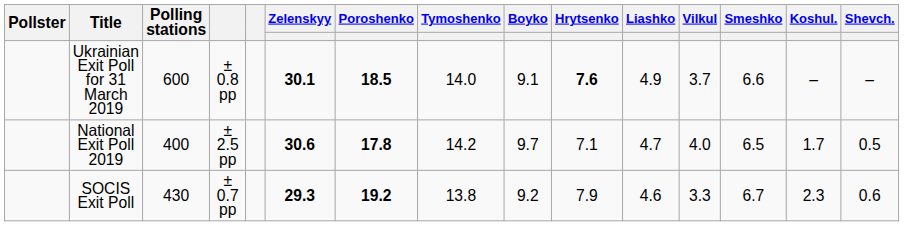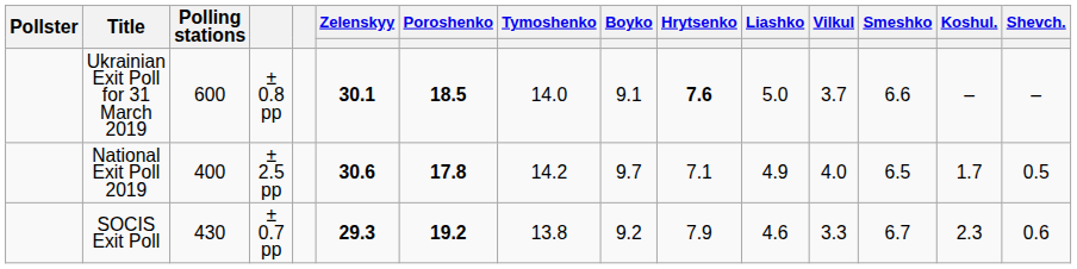 <table class="wikitable" style="text-align:center;font-size:95%;line-height:14px;">
 <tr>
 <th rowspan="2">Pollster</th>
 <th rowspan="2">Title</th>
 <th rowspan="2">Polling stations</th>
 <th rowspan="2" style="width:60px;" class="unsortable"></th>
 <th rowspan="2" style="width:65px;" class="unsortable"></th>
 <th><small><a href='#'>Zelenskyy</a></small><br></th>
 <th> <small><a href='#'>Poroshenko</a></small><br></th>
 <th><small><a href='#'>Tymoshenko</a></small><br></th>
 <th> <small><a href='#'>Boyko</a></small><br></th>
 <th><small><a href='#'>Hrytsenko</a></small><br></th>
 <th><small><a href='#'>Liashko</a></small><br></th>
 <th><small><a href='#'>Vilkul</a></small><br></th>
 <th><small><a href='#'>Smeshko</a></small><br></th>
 <th><small><a href='#'>Koshul.</a></small><br></th>
 <th><small><a href='#'>Shevch.</a></small><br></th>
 </tr>
 <tr>
 <th style="background:"></th>
 <th style="background:"></th>
 <th style="background:"></th>
 <th style="background:"></th>
 <th style="background:"></th>
 <th style="background:"></th>
 <th style="background:"></th>
 <th style="background:"></th>
 <th style="background:"></th>
 <th style="background:"></th>
 </tr>
 <tr>
 <td></td>
 <td>Ukrainian Exit Poll for 31 March 2019</td>
 <td>600</td>
 <td>± 0.8 pp</td>
 <td></td>
 <td style="background-color:#"><strong>30.1</strong></td>
 <td style="background-color:#"><strong>18.5</strong></td>
 <td>14.0</td>
 <td>9.1</td>
 <td><strong>7.6</strong></td>
-<td>4.9</td>
+<td>5.0</td>
 <td>3.7</td>
 <td>6.6</td>
 <td>–</td>
 <td>–</td>
 </tr>
 <tr>
 <td></td>
 <td>National Exit Poll 2019</td>
 <td>400</td>
 <td>± 2.5 pp</td>
 <td></td>
 <td style="background-color:#"><strong>30.6</strong></td>
 <td style="background-color:#"><strong>17.8</strong></td>
 <td>14.2</td>
 <td>9.7</td>
 <td>7.1</td>
-<td>4.7</td>
+<td>4.9</td>
 <td>4.0</td>
 <td>6.5</td>
 <td>1.7</td>
 <td>0.5</td>
 </tr>
 <tr>
 <td></td>
 <td>SOCIS Exit Poll</td>
 <td>430</td>
 <td>± 0.7 pp</td>
 <td></td>
 <td style="background-color:#"><strong>29.3</strong></td>
 <td style="background-color:#"><strong>19.2</strong></td>
 <td>13.8</td>
 <td>9.2</td>
 <td>7.9</td>
 <td>4.6</td>
 <td>3.3</td>
 <td>6.7</td>
 <td>2.3</td>
 <td>0.6</td>
 </tr>
 </table>
